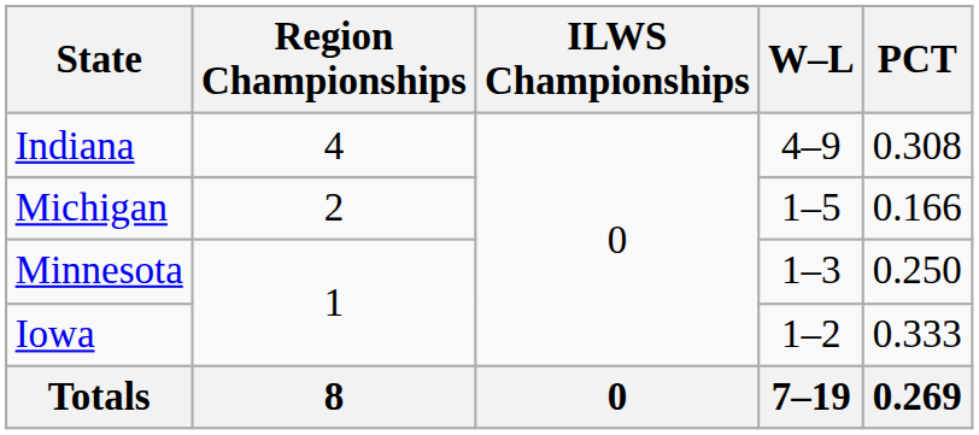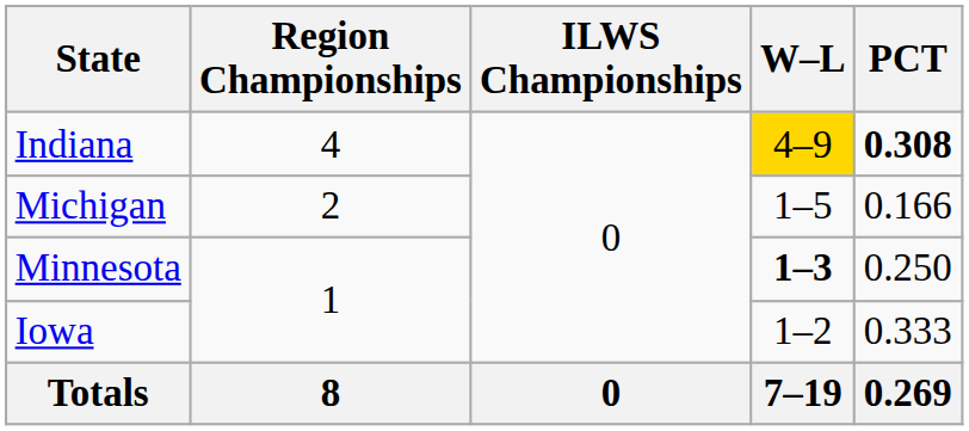 <table class="wikitable">
 <tr>
 <th>State</th>
 <th>Region<br>Championships</th>
 <th>ILWS<br>Championships</th>
 <th>W–L</th>
 <th>PCT</th>
 </tr>
 <tr>
 <td> <a href='#'>Indiana</a></td>
 <td align=center>4</td>
 <td align=center rowspan=4>0</td>
-<td align=center>4–9</td>
-<td align=center>0.308</td>
+<td align=center style="background: gold;">4–9</td>
+<td align=center><strong>0.308</strong></td>
 </tr>
 <tr>
 <td> <a href='#'>Michigan</a></td>
 <td align=center>2</td>
 <td align=center>1–5</td>
 <td align=center>0.166</td>
 </tr>
 <tr>
 <td> <a href='#'>Minnesota</a></td>
 <td align=center rowspan=2>1</td>
-<td align=center>1–3</td>
+<td align=center><strong>1–3</strong></td>
 <td align=center>0.250</td>
 </tr>
 <tr>
 <td> <a href='#'>Iowa</a></td>
 <td align=center>1–2</td>
 <td align=center>0.333</td>
 </tr>
 <tr>
 <th>Totals</th>
 <th>8</th>
 <th>0</th>
 <th>7–19</th>
 <th>0.269</th>
 </tr>
 </table>
